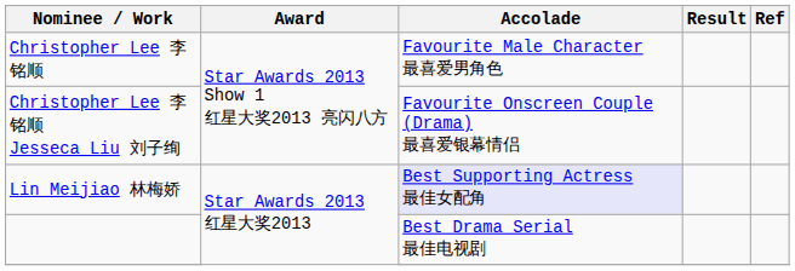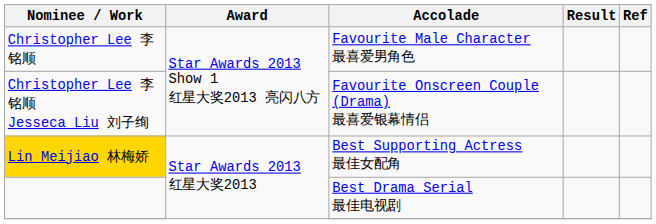 <table class="wikitable sortable">
 <tr>
 <th>Nominee / Work</th>
 <th>Award</th>
 <th>Accolade</th>
 <th class="unsortable">Result</th>
 <th>Ref</th>
 </tr>
 <tr>
 <td><a href='#'>Christopher Lee</a> 李铭顺</td>
 <td rowspan=2><a href='#'>Star Awards 2013</a> Show 1<br>红星大奖2013 亮闪八方</td>
 <td><a href='#'>Favourite Male Character</a><br> 最喜爱男角色</td>
 <td></td>
 <td></td>
 </tr>
 <tr>
 <td><a href='#'>Christopher Lee</a> 李铭顺 <br> <a href='#'>Jesseca Liu</a> 刘子绚</td>
 <td><a href='#'>Favourite Onscreen Couple (Drama)</a> <br> 最喜爱银幕情侣</td>
 <td></td>
 <td></td>
 </tr>
 <tr>
-<td><a href='#'>Lin Meijiao</a> 林梅娇</td>
+<td style="background: gold;"><a href='#'>Lin Meijiao</a> 林梅娇</td>
 <td rowspan=3><a href='#'>Star Awards 2013</a> <br>红星大奖2013</td>
-<td style="background: lavender;"><a href='#'>Best Supporting Actress</a><br> 最佳女配角</td>
+<td><a href='#'>Best Supporting Actress</a><br> 最佳女配角</td>
 <td></td>
 <td></td>
 </tr>
 <tr>
 <td></td>
 <td><a href='#'>Best Drama Serial</a> <br> 最佳电视剧</td>
 <td></td>
 <td></td>
 </tr>
 <tr>
 </tr>
 </table>
